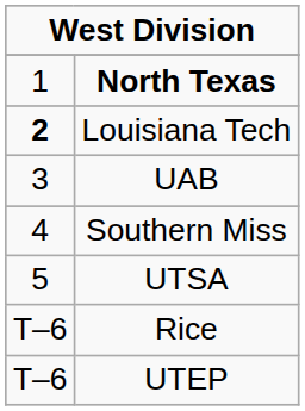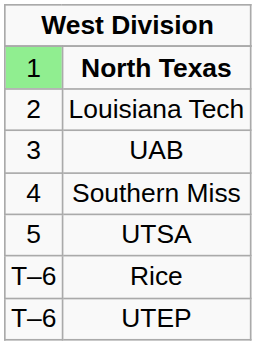 <table class="wikitable">
 <tr align="center">
 <td align="center" Colspan="2"><strong>West Division</strong></td>
 </tr>
 <tr align="center">
 </tr>
 <tr align="center">
-<td>1</td>
+<td style="background: lightgreen;">1</td>
 <td><strong>North Texas</strong></td>
 </tr>
 <tr align="center">
-<td><strong>2</strong></td>
+<td>2</td>
 <td>Louisiana Tech</td>
 </tr>
 <tr align="center">
 <td>3</td>
 <td>UAB</td>
 </tr>
 <tr align="center">
 <td>4</td>
 <td>Southern Miss</td>
 </tr>
 <tr align="center">
 <td>5</td>
 <td>UTSA</td>
 </tr>
 <tr align="center">
 <td>T–6</td>
 <td>Rice</td>
 </tr>
 <tr align="center">
 <td>T–6</td>
 <td>UTEP</td>
 </tr>
 </table>
